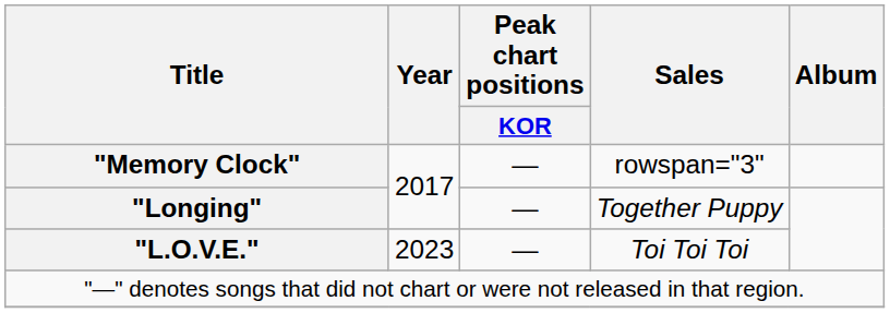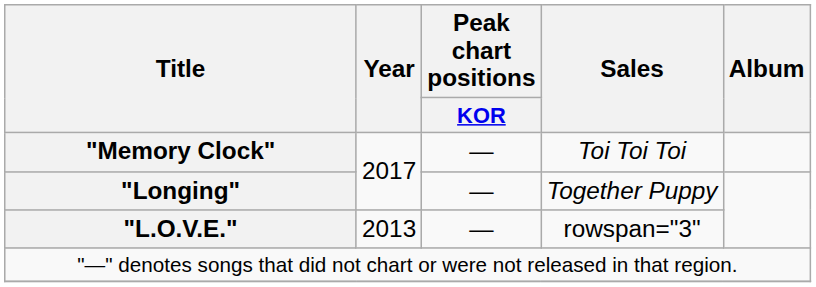 <table class="wikitable plainrowheaders" style="text-align:center;">
 <tr>
 <th rowspan=2 style="width:14em;">Title</th>
 <th rowspan=2>Year</th>
 <th colspan="1">Peak chart positions</th>
 <th rowspan=2>Sales</th>
 <th rowspan=2>Album</th>
 </tr>
 <tr>
 <th style="width:3em;font-size:90%;"><a href='#'>KOR</a></th>
 </tr>
 <tr>
 <th scope=row>"Memory Clock" </th>
 <td rowspan="2">2017</td>
 <td>—</td>
-<td>rowspan="3" </td>
+<td><em>Toi Toi Toi</em></td>
 <td></td>
 </tr>
 <tr>
 <th scope=row>"Longing" </th>
 <td>—</td>
 <td><em>Together Puppy</em></td>
 </tr>
 <tr>
 <th scope="row">"L.O.V.E."</th>
-<td>2023</td>
+<td>2013</td>
 <td>—</td>
-<td><em>Toi Toi Toi</em></td>
+<td>rowspan="3" </td>
 </tr>
 <tr>
 <td colspan="5" style="font-size:85%;">"—" denotes songs that did not chart or were not released in that region.</td>
 </tr>
 <tr>
 </tr>
 </table>
